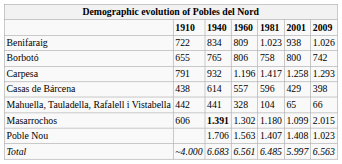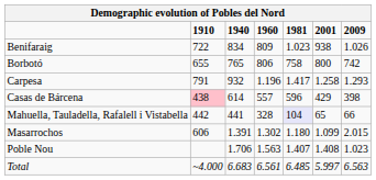 <table class="wikitable">
 <tr>
 <th colspan="7">Demographic evolution of Pobles del Nord</th>
 </tr>
 <tr>
 <td></td>
 <td><strong>1910</strong></td>
 <td><strong>1940</strong></td>
 <td><strong>1960</strong></td>
 <td><strong>1981</strong></td>
 <td><strong>2001</strong></td>
 <td><strong>2009</strong></td>
 </tr>
 <tr>
 <td>Benifaraig</td>
 <td>722</td>
 <td>834</td>
 <td>809</td>
 <td>1.023</td>
 <td>938</td>
 <td>1.026</td>
 </tr>
 <tr>
 <td>Borbotó</td>
 <td>655</td>
 <td>765</td>
 <td>806</td>
 <td>758</td>
 <td>800</td>
 <td>742</td>
 </tr>
 <tr>
 <td>Carpesa</td>
 <td>791</td>
 <td>932</td>
 <td>1.196</td>
 <td>1.417</td>
 <td>1.258</td>
 <td>1.293</td>
 </tr>
 <tr>
 <td>Casas de Bárcena</td>
-<td>438</td>
+<td style="background: pink;">438</td>
 <td>614</td>
 <td>557</td>
 <td>596</td>
 <td>429</td>
 <td>398</td>
 </tr>
 <tr>
 <td>Mahuella, Tauladella, Rafalell i Vistabella</td>
 <td>442</td>
 <td>441</td>
 <td>328</td>
-<td>104</td>
+<td style="background: lavender;">104</td>
 <td>65</td>
 <td>66</td>
 </tr>
 <tr>
 <td>Masarrochos</td>
 <td>606</td>
-<td><strong>1.391</strong></td>
+<td>1.391</td>
 <td>1.302</td>
 <td>1.180</td>
 <td>1.099</td>
 <td>2.015</td>
 </tr>
 <tr>
 <td>Poble Nou</td>
 <td></td>
 <td>1.706</td>
 <td>1.563</td>
 <td>1.407</td>
 <td>1.408</td>
 <td>1.023</td>
 </tr>
 <tr>
 <td><em>Total</em></td>
 <td><em>~4.000</em></td>
 <td><em>6.683</em></td>
 <td><em>6.561</em></td>
 <td><em>6.485</em></td>
 <td><em>5.997</em></td>
 <td><em>6.563</em></td>
 </tr>
 </table>
